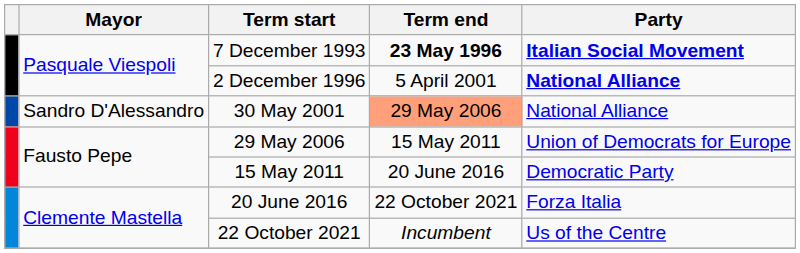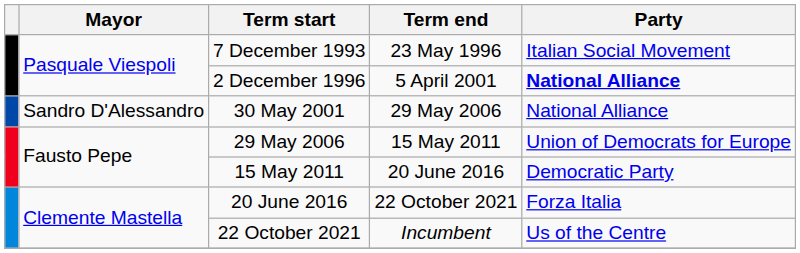 <table class="wikitable">
 <tr>
 <th class=unsortable> </th>
 <th>Mayor</th>
 <th>Term start</th>
 <th>Term end</th>
 <th>Party</th>
 </tr>
 <tr>
 <th rowspan=2 style="background:#000000;"></th>
 <td rowspan=2><a href='#'>Pasquale Viespoli</a></td>
 <td align=center>7 December 1993</td>
-<td align=center><strong>23 May 1996</strong></td>
-<td><strong><a href='#'>Italian Social Movement</a></strong></td>
+<td align=center>23 May 1996</td>
+<td><a href='#'>Italian Social Movement</a></td>
 </tr>
 <tr>
 <td align=center>2 December 1996</td>
 <td align=center>5 April 2001</td>
 <td><strong><a href='#'>National Alliance</a></strong></td>
 </tr>
 <tr>
 <th style="background:#0047AA;"></th>
 <td>Sandro D'Alessandro</td>
 <td align=center>30 May 2001</td>
-<td align=center style="background: lightsalmon;">29 May 2006</td>
+<td align=center>29 May 2006</td>
 <td><a href='#'>National Alliance</a></td>
 </tr>
 <tr>
 <th rowspan=2 style="background:#F0001C;"></th>
 <td rowspan=2>Fausto Pepe</td>
 <td align=center>29 May 2006</td>
 <td align=center>15 May 2011</td>
 <td><a href='#'>Union of Democrats for Europe</a></td>
 </tr>
 <tr>
 <td align=center>15 May 2011</td>
 <td align=center>20 June 2016</td>
 <td><a href='#'>Democratic Party</a></td>
 </tr>
 <tr>
 <th rowspan=2 style="background:#0087DC;"></th>
 <td rowspan=2><a href='#'>Clemente Mastella</a></td>
 <td align=center>20 June 2016</td>
 <td align=center>22 October 2021</td>
 <td><a href='#'>Forza Italia</a></td>
 </tr>
 <tr>
 <td align=center>22 October 2021</td>
 <td align=center><em>Incumbent</em></td>
 <td><a href='#'>Us of the Centre</a></td>
 </tr>
 <tr>
 </tr>
 </table>
